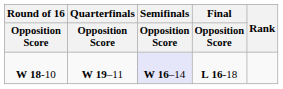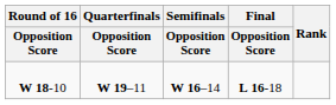 <table class=wikitable style="font-size:90%">
 <tr>
 <th>Round of 16</th>
 <th>Quarterfinals</th>
 <th>Semifinals</th>
 <th>Final</th>
 <th rowspan=2>Rank</th>
 </tr>
 <tr style="font-size:95%">
 <th>Opposition<br>Score</th>
 <th>Opposition<br>Score</th>
 <th>Opposition<br>Score</th>
 <th>Opposition<br>Score</th>
 </tr>
 <tr align=center>
 <td><br><strong>W</strong>  <strong>18</strong>-10</td>
 <td><br><strong>W</strong>  <strong>19</strong>–11</td>
-<td style="background: lavender;"><br><strong>W</strong>  <strong>16</strong>–14</td>
+<td><br><strong>W</strong>  <strong>16</strong>–14</td>
 <td><br><strong>L</strong>  <strong>16</strong>-18</td>
 <td></td>
 </tr>
 </table>
